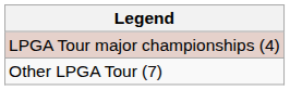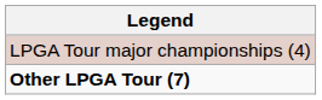 <table class="wikitable" style="font-size:95%;">
 <tr>
 <th>Legend</th>
 </tr>
 <tr style="background:#e5d1cb;">
 <td>LPGA Tour major championships (4)</td>
 </tr>
 <tr>
-<td>Other LPGA Tour (7)</td>
+<td><strong>Other LPGA Tour (7)</strong></td>
 </tr>
 </table>
